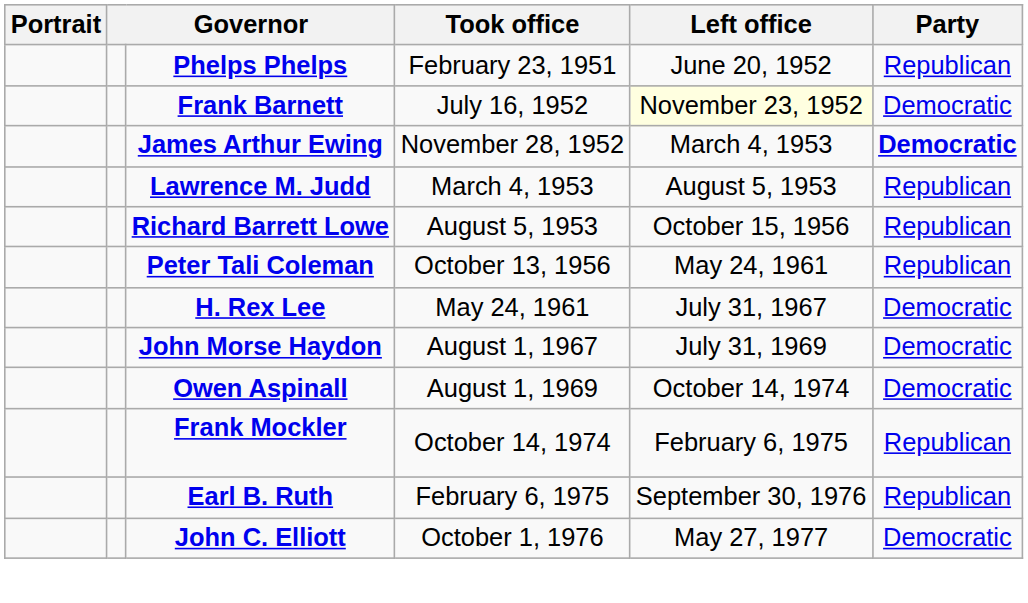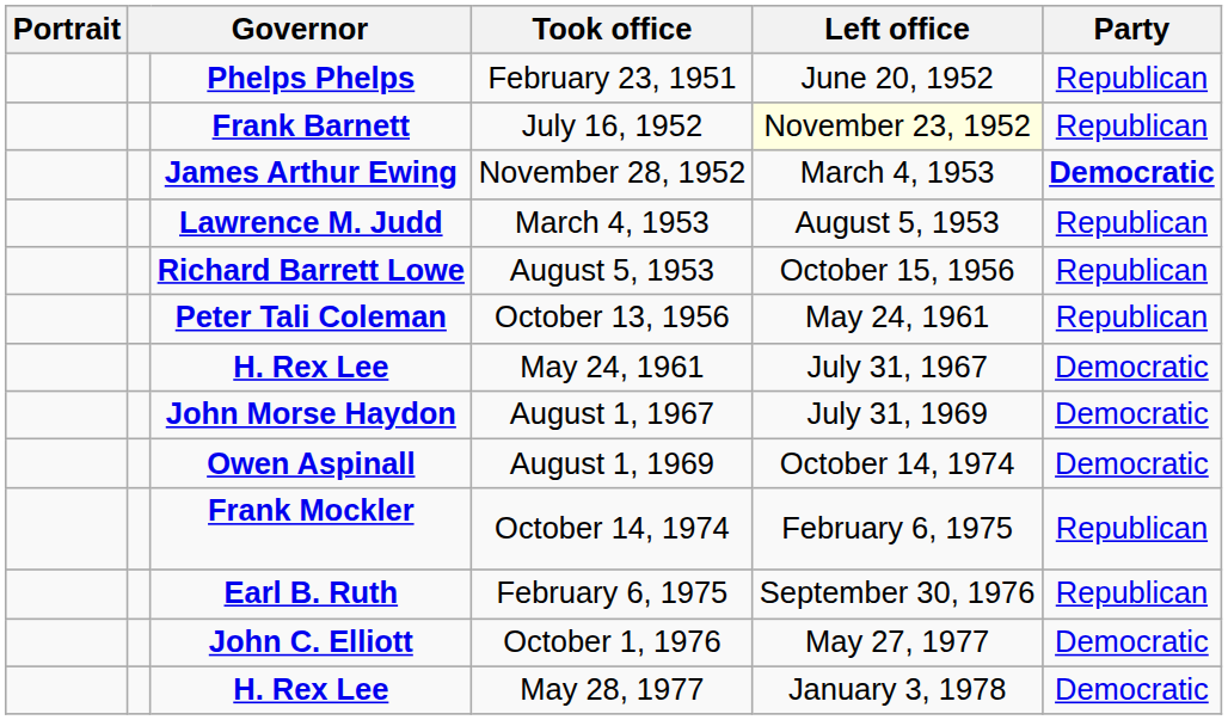 <table class="wikitable" style="text-align: center;">
 <tr>
 <th>Portrait</th>
 <th colspan="2">Governor</th>
 <th>Took office</th>
 <th>Left office</th>
 <th>Party</th>
 </tr>
 <tr>
 <td></td>
 <td rowspan="1" style="background: "> </td>
 <td><strong><a href='#'>Phelps Phelps</a></strong><br></td>
 <td>February 23, 1951</td>
 <td>June 20, 1952</td>
 <td><a href='#'>Republican</a></td>
 </tr>
 <tr>
 <td></td>
 <td rowspan="1" style="background: "> </td>
 <td><strong><a href='#'>Frank Barnett</a></strong><br></td>
 <td>July 16, 1952</td>
 <td style="background: lightyellow;">November 23, 1952</td>
-<td><a href='#'>Democratic</a></td>
+<td><a href='#'>Republican</a></td>
 </tr>
 <tr>
 <td></td>
 <td rowspan="1" style="background: "> </td>
 <td><strong><a href='#'>James Arthur Ewing</a></strong><br></td>
 <td>November 28, 1952</td>
 <td>March 4, 1953</td>
 <td><strong><a href='#'>Democratic</a></strong></td>
 </tr>
 <tr>
 <td></td>
 <td rowspan="1" style="background: "> </td>
 <td><strong><a href='#'>Lawrence M. Judd</a></strong><br></td>
 <td>March 4, 1953</td>
 <td>August 5, 1953</td>
 <td><a href='#'>Republican</a></td>
 </tr>
 <tr>
 <td></td>
 <td rowspan="1" style="background: "> </td>
 <td><strong><a href='#'>Richard Barrett Lowe</a></strong><br></td>
 <td>August 5, 1953</td>
 <td>October 15, 1956</td>
 <td><a href='#'>Republican</a></td>
 </tr>
 <tr>
 <td></td>
 <td rowspan="1" style="background: "> </td>
 <td><strong><a href='#'>Peter Tali Coleman</a></strong><br></td>
 <td>October 13, 1956</td>
 <td>May 24, 1961</td>
 <td><a href='#'>Republican</a></td>
 </tr>
 <tr>
 <td></td>
 <td rowspan="1" style="background: "> </td>
 <td><strong><a href='#'>H. Rex Lee</a></strong><br></td>
 <td>May 24, 1961</td>
 <td>July 31, 1967</td>
 <td><a href='#'>Democratic</a></td>
 </tr>
 <tr>
 <td></td>
 <td rowspan="1" style="background: "> </td>
 <td><strong><a href='#'>John Morse Haydon</a></strong><br></td>
 <td>August 1, 1967</td>
 <td>July 31, 1969</td>
 <td><a href='#'>Democratic</a></td>
 </tr>
 <tr>
 <td></td>
 <td rowspan="1" style="background: "> </td>
 <td><strong><a href='#'>Owen Aspinall</a></strong><br></td>
 <td>August 1, 1969</td>
 <td>October 14, 1974</td>
 <td><a href='#'>Democratic</a></td>
 </tr>
 <tr>
 <td></td>
 <td rowspan="1" style="background: "> </td>
 <td><strong><a href='#'>Frank Mockler</a></strong><br>  <br> </td>
 <td>October 14, 1974</td>
 <td>February 6, 1975</td>
 <td><a href='#'>Republican</a></td>
 </tr>
 <tr>
 <td></td>
 <td rowspan="1" style="background: "> </td>
 <td><strong><a href='#'>Earl B. Ruth</a></strong><br></td>
 <td>February 6, 1975</td>
 <td>September 30, 1976</td>
 <td><a href='#'>Republican</a></td>
 </tr>
 <tr>
 <td></td>
 <td rowspan="1" style="background: "> </td>
 <td><strong><a href='#'>John C. Elliott</a></strong><br></td>
 <td>October 1, 1976</td>
 <td>May 27, 1977</td>
 <td><a href='#'>Democratic</a></td>
 </tr>
+<tr>
+<td></td>
+<td rowspan="1" style="background: "> </td>
+<td><strong><a href='#'>H. Rex Lee</a></strong><br></td>
+<td>May 28, 1977</td>
+<td>January 3, 1978</td>
+<td><a href='#'>Democratic</a></td>
+</tr>
 </table>
